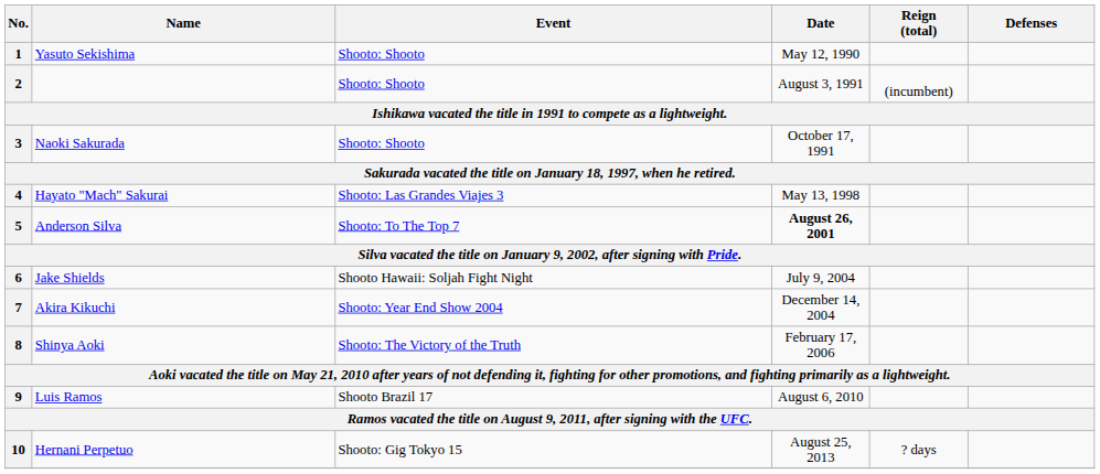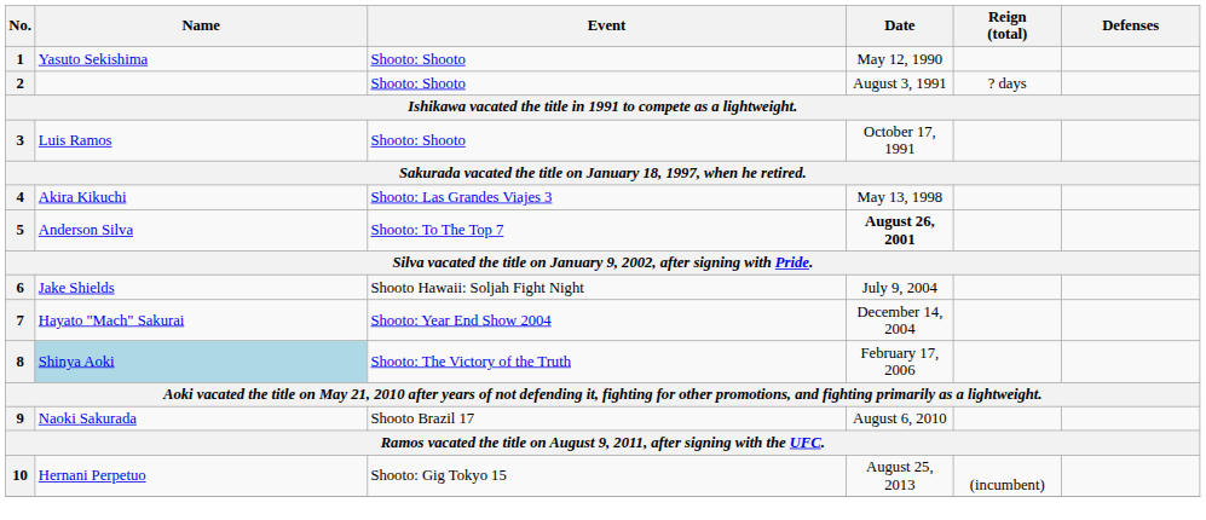 <table class="wikitable" style="width:99%;">
 <tr>
 <th style="width:2%;">No.</th>
 <th>Name</th>
 <th>Event</th>
 <th style="width:9%;">Date</th>
 <th style="width:9%;">Reign<br>(total)</th>
 <th>Defenses</th>
 </tr>
 <tr>
 <th>1</th>
 <td> <a href='#'>Yasuto Sekishima</a><br></td>
 <td><a href='#'>Shooto: Shooto</a><br></td>
 <td align=center>May 12, 1990</td>
 <td align=center></td>
 <td><br></td>
 </tr>
 <tr>
 <th>2</th>
 <td></td>
 <td><a href='#'>Shooto: Shooto</a><br></td>
 <td align=center>August 3, 1991</td>
-<td align=center><br>(incumbent)</td>
+<td align=center>? days</td>
 <td></td>
 </tr>
 <tr>
 <th colspan=6 align=center><em>Ishikawa vacated the title in 1991 to compete as a lightweight.</em></th>
 </tr>
 <tr>
 <th>3</th>
-<td> <a href='#'>Naoki Sakurada</a><br></td>
+<td> <a href='#'>Luis Ramos</a><br></td>
 <td><a href='#'>Shooto: Shooto</a><br></td>
 <td align=center>October 17, 1991</td>
 <td align=center></td>
 <td><br></td>
 </tr>
 <tr>
 <th colspan=6 align=center><em>Sakurada vacated the title on January 18, 1997, when he retired.</em></th>
 </tr>
 <tr>
 <th>4</th>
-<td> <a href='#'>Hayato "Mach" Sakurai</a></td>
+<td> <a href='#'>Akira Kikuchi</a></td>
 <td><a href='#'>Shooto: Las Grandes Viajes 3</a><br></td>
 <td align=center>May 13, 1998</td>
 <td align=center></td>
 <td><br></td>
 </tr>
 <tr>
 <th>5</th>
 <td> <a href='#'>Anderson Silva</a></td>
 <td><a href='#'>Shooto: To The Top 7</a><br></td>
 <td align=center><strong>August 26, 2001</strong></td>
 <td align=center></td>
 <td></td>
 </tr>
 <tr>
 <th colspan=6 align=center><em>Silva vacated the title on January 9, 2002, after signing with <a href='#'>Pride</a>.</em></th>
 </tr>
 <tr>
 <th>6</th>
 <td> <a href='#'>Jake Shields</a><br></td>
 <td>Shooto Hawaii: Soljah Fight Night<br></td>
 <td align=center>July 9, 2004</td>
 <td align=center></td>
 <td></td>
 </tr>
 <tr>
 <th>7</th>
-<td> <a href='#'>Akira Kikuchi</a></td>
+<td> <a href='#'>Hayato "Mach" Sakurai</a></td>
 <td><a href='#'>Shooto: Year End Show 2004</a><br></td>
 <td align=center>December 14, 2004</td>
 <td align=center></td>
 <td></td>
 </tr>
 <tr>
 <th>8</th>
-<td> <a href='#'>Shinya Aoki</a></td>
+<td style="background: lightblue;"> <a href='#'>Shinya Aoki</a></td>
 <td><a href='#'>Shooto: The Victory of the Truth</a><br></td>
 <td align=center>February 17, 2006</td>
 <td align=center></td>
 <td><br></td>
 </tr>
 <tr>
 <th colspan=6 align=center><em>Aoki vacated the title on May 21, 2010 after years of not defending it, fighting for other promotions, and fighting primarily as a lightweight.</em></th>
 </tr>
 <tr>
 <th>9</th>
-<td> <a href='#'>Luis Ramos</a><br></td>
+<td> <a href='#'>Naoki Sakurada</a><br></td>
 <td>Shooto Brazil 17<br></td>
 <td align=center>August 6, 2010</td>
 <td align=center></td>
 <td></td>
 </tr>
 <tr>
 <th colspan=6 align=center><em>Ramos vacated the title on August 9, 2011, after signing with the <a href='#'>UFC</a>.</em></th>
 </tr>
 <tr>
 <th>10</th>
 <td> <a href='#'>Hernani Perpetuo</a><br></td>
 <td>Shooto: Gig Tokyo 15<br></td>
 <td align=center>August 25, 2013</td>
-<td align=center>? days</td>
+<td align=center><br>(incumbent)</td>
 <td></td>
 </tr>
 <tr>
 </tr>
 </table>
